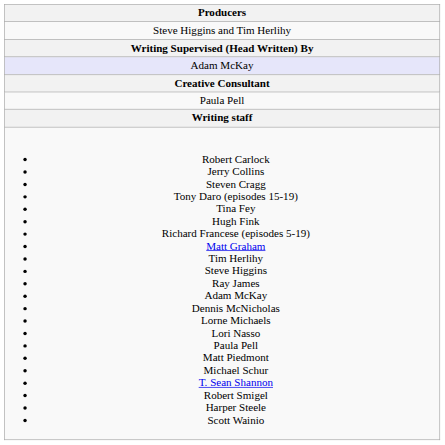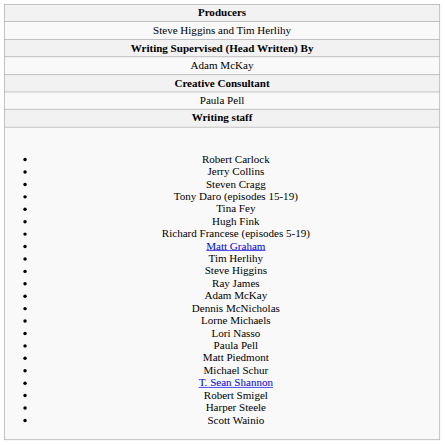 <table class="wikitable plainrowheaders"  style="text-align:center; width:50%;">
 <tr>
 <th><strong>Producers</strong></th>
 </tr>
 <tr>
 <td>Steve Higgins and Tim Herlihy</td>
 </tr>
 <tr>
 <th><strong>Writing Supervised (Head Written) By</strong></th>
 </tr>
 <tr>
-<td style="background: lavender;">Adam McKay</td>
+<td>Adam McKay</td>
 </tr>
 <tr>
 <th><strong>Creative Consultant</strong></th>
 </tr>
 <tr>
 <td>Paula Pell</td>
 </tr>
 <tr>
 <th><strong>Writing staff</strong></th>
 </tr>
 <tr>
 <td><br><ul><li>Robert Carlock</li><li>Jerry Collins</li><li>Steven Cragg</li><li>Tony Daro (episodes 15-19)</li><li>Tina Fey</li><li>Hugh Fink</li><li>Richard Francese (episodes 5-19)</li><li><a href='#'>Matt Graham</a></li><li>Tim Herlihy</li><li>Steve Higgins</li><li>Ray James</li><li>Adam McKay</li><li>Dennis McNicholas</li><li>Lorne Michaels</li><li>Lori Nasso</li><li>Paula Pell</li><li>Matt Piedmont</li><li>Michael Schur</li><li><a href='#'>T. Sean Shannon</a></li><li>Robert Smigel</li><li>Harper Steele</li><li>Scott Wainio</li></ul></td>
 </tr>
 </table>
